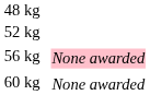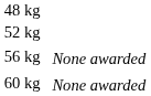 <table>
 <tr>
 <td rowspan=2>48 kg</td>
 <td rowspan=2></td>
 <td rowspan=2></td>
 <td></td>
 </tr>
 <tr>
 <td></td>
 </tr>
 <tr>
 <td rowspan=2>52 kg</td>
 <td rowspan=2></td>
 <td rowspan=2></td>
 <td></td>
 </tr>
 <tr>
 <td></td>
 </tr>
 <tr>
 <td rowspan=2>56 kg</td>
 <td rowspan=2></td>
 <td rowspan=2></td>
 <td></td>
 </tr>
 <tr>
-<td style="background: pink;"><em>None awarded</em></td>
+<td><em>None awarded</em></td>
 </tr>
 <tr>
 <td rowspan=2>60 kg</td>
 <td rowspan=2></td>
 <td rowspan=2></td>
 <td></td>
 </tr>
 <tr>
 <td><em>None awarded</em></td>
 </tr>
 </table>
